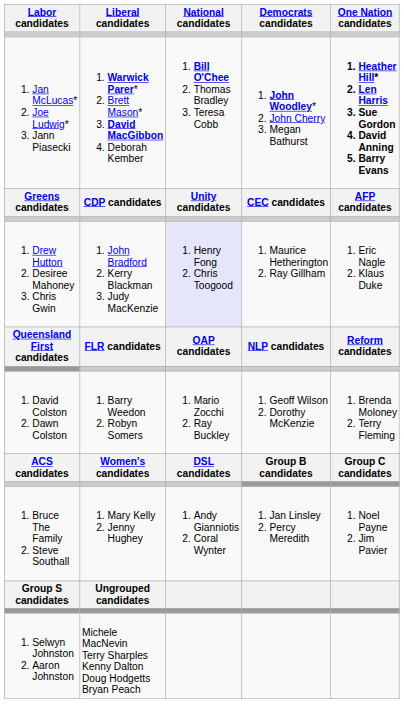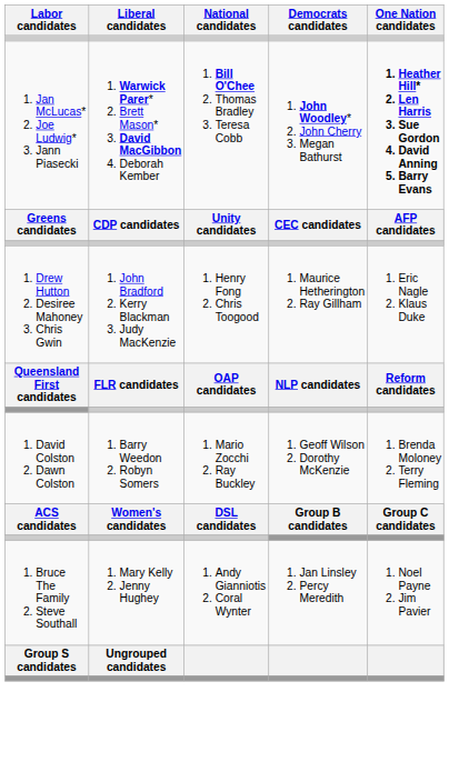 <table class="wikitable">
 <tr>
 <th><a href='#'>Labor</a> candidates</th>
 <th><a href='#'>Liberal</a> candidates</th>
 <th><a href='#'>National</a> candidates</th>
 <th><a href='#'>Democrats</a> candidates</th>
 <th><a href='#'>One Nation</a> candidates</th>
 </tr>
 <tr bgcolor="#cccccc">
 <td></td>
 <td></td>
 <td></td>
 <td></td>
 <td></td>
 </tr>
 <tr>
 <td><br><ol><li><a href='#'>Jan McLucas</a>*</li><li><a href='#'>Joe Ludwig</a>*</li><li>Jann Piasecki</li></ol></td>
 <td><br><ol><li><strong><a href='#'>Warwick Parer</a></strong>*</li><li><a href='#'>Brett Mason</a>*</li><li><strong><a href='#'>David MacGibbon</a></strong></li><li>Deborah Kember</li></ol></td>
 <td valign=top><br><ol><li><strong><a href='#'>Bill O'Chee</a></strong></li><li>Thomas Bradley</li><li>Teresa Cobb</li></ol></td>
 <td><br><ol><li><strong><a href='#'>John Woodley</a></strong>*</li><li><a href='#'>John Cherry</a></li><li>Megan Bathurst</li></ol></td>
 <td><strong><br><ol><li><a href='#'>Heather Hill</a>*</li><li><a href='#'>Len Harris</a></li><li>Sue Gordon</li><li>David Anning</li><li>Barry Evans</li></ol></strong></td>
 </tr>
 <tr bgcolor="#cccccc">
 <th><a href='#'>Greens</a> candidates</th>
 <th><a href='#'>CDP</a> candidates</th>
 <th><a href='#'>Unity</a> candidates</th>
 <th><a href='#'>CEC</a> candidates</th>
 <th><a href='#'>AFP</a> candidates</th>
 </tr>
 <tr bgcolor="#cccccc">
 <td></td>
 <td></td>
 <td></td>
 <td></td>
 <td></td>
 </tr>
 <tr>
 <td valign=top><br><ol><li><a href='#'>Drew Hutton</a></li><li>Desiree Mahoney</li><li>Chris Gwin</li></ol></td>
 <td valign=top><br><ol><li><a href='#'>John Bradford</a></li><li>Kerry Blackman</li><li>Judy MacKenzie</li></ol></td>
-<td valign=top style="background: lavender;"><br><ol><li>Henry Fong</li><li>Chris Toogood</li></ol></td>
+<td valign=top><br><ol><li>Henry Fong</li><li>Chris Toogood</li></ol></td>
 <td valign=top><br><ol><li>Maurice Hetherington</li><li>Ray Gillham</li></ol></td>
 <td valign=top><br><ol><li>Eric Nagle</li><li>Klaus Duke</li></ol></td>
 </tr>
 <tr bgcolor="#cccccc">
 <th><a href='#'>Queensland First</a> candidates</th>
 <th><a href='#'>FLR</a> candidates</th>
 <th><a href='#'>OAP</a> candidates</th>
 <th><a href='#'>NLP</a> candidates</th>
 <th><a href='#'>Reform</a> candidates</th>
 </tr>
 <tr bgcolor="#cccccc">
 <td bgcolor="#999999"></td>
 <td></td>
 <td></td>
 <td></td>
 <td></td>
 </tr>
 <tr>
 <td valign=top><br><ol><li>David Colston</li><li>Dawn Colston</li></ol></td>
 <td valign=top><br><ol><li>Barry Weedon</li><li>Robyn Somers</li></ol></td>
 <td valign=top><br><ol><li>Mario Zocchi</li><li>Ray Buckley</li></ol></td>
 <td valign=top><br><ol><li>Geoff Wilson</li><li>Dorothy McKenzie</li></ol></td>
 <td valign=top><br><ol><li>Brenda Moloney</li><li>Terry Fleming</li></ol></td>
 </tr>
 <tr bgcolor="#cccccc">
 <th><a href='#'>ACS</a> candidates</th>
 <th><a href='#'>Women's</a> candidates</th>
 <th><a href='#'>DSL</a> candidates</th>
 <th>Group B candidates</th>
 <th>Group C candidates</th>
 </tr>
 <tr bgcolor="#cccccc">
 <td></td>
 <td></td>
 <td></td>
 <td bgcolor="#999999"></td>
 <td bgcolor="#999999"></td>
 </tr>
 <tr>
 <td valign=top><br><ol><li>Bruce The Family</li><li>Steve Southall</li></ol></td>
 <td valign=top><br><ol><li>Mary Kelly</li><li>Jenny Hughey</li></ol></td>
 <td valign=top><br><ol><li>Andy Gianniotis</li><li>Coral Wynter</li></ol></td>
 <td valign=top><br><ol><li>Jan Linsley</li><li>Percy Meredith</li></ol></td>
 <td valign=top><br><ol><li>Noel Payne</li><li>Jim Pavier</li></ol></td>
 </tr>
 <tr bgcolor="#cccccc">
 <th>Group S candidates</th>
 <th>Ungrouped candidates</th>
 <th></th>
 <th></th>
 <th></th>
 </tr>
 <tr bgcolor="#cccccc">
 <td bgcolor="#999999"></td>
 <td bgcolor="#999999"></td>
 <td bgcolor="#999999"></td>
 <td bgcolor="#999999"></td>
 <td bgcolor="#999999"></td>
 </tr>
-<tr>
-<td valign=top><br><ol><li>Selwyn Johnston</li><li>Aaron Johnston</li></ol></td>
-<td valign=top><br>Michele MacNevin<br> Terry Sharples<br> Kenny Dalton<br> Doug Hodgetts<br> Bryan Peach</td>
-<td valign=top></td>
-<td valign=top></td>
-<td valign=top></td>
-</tr>
 </table>
